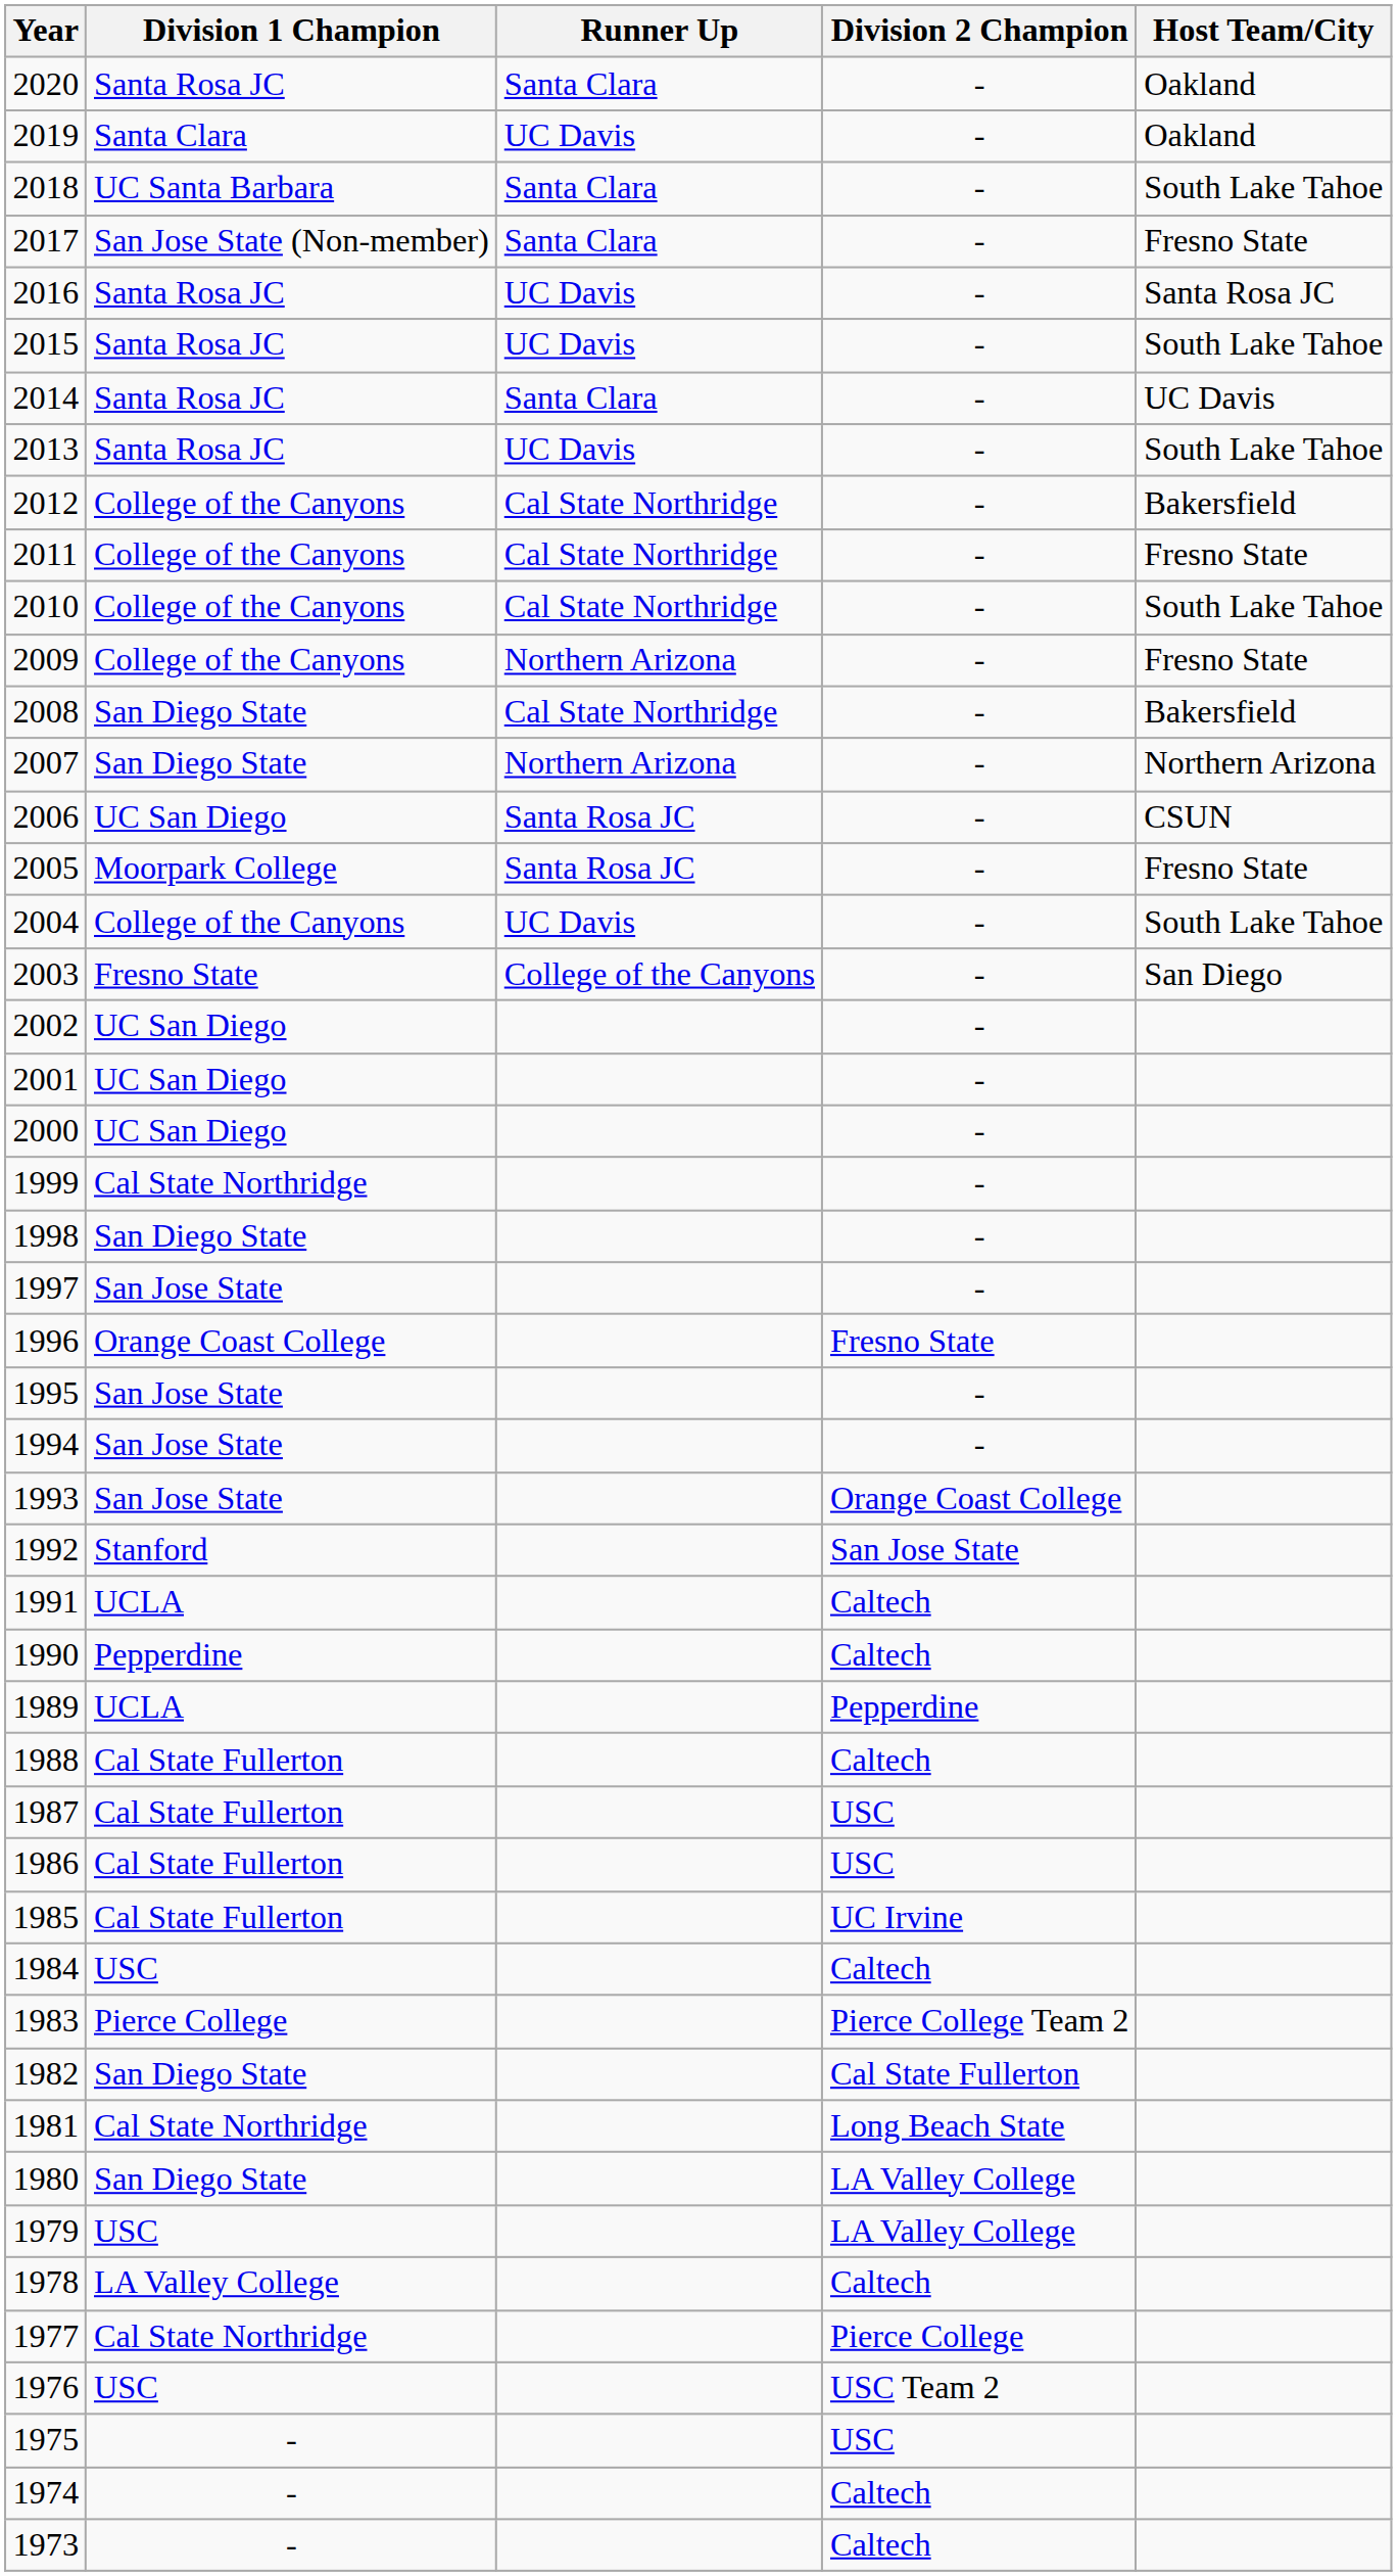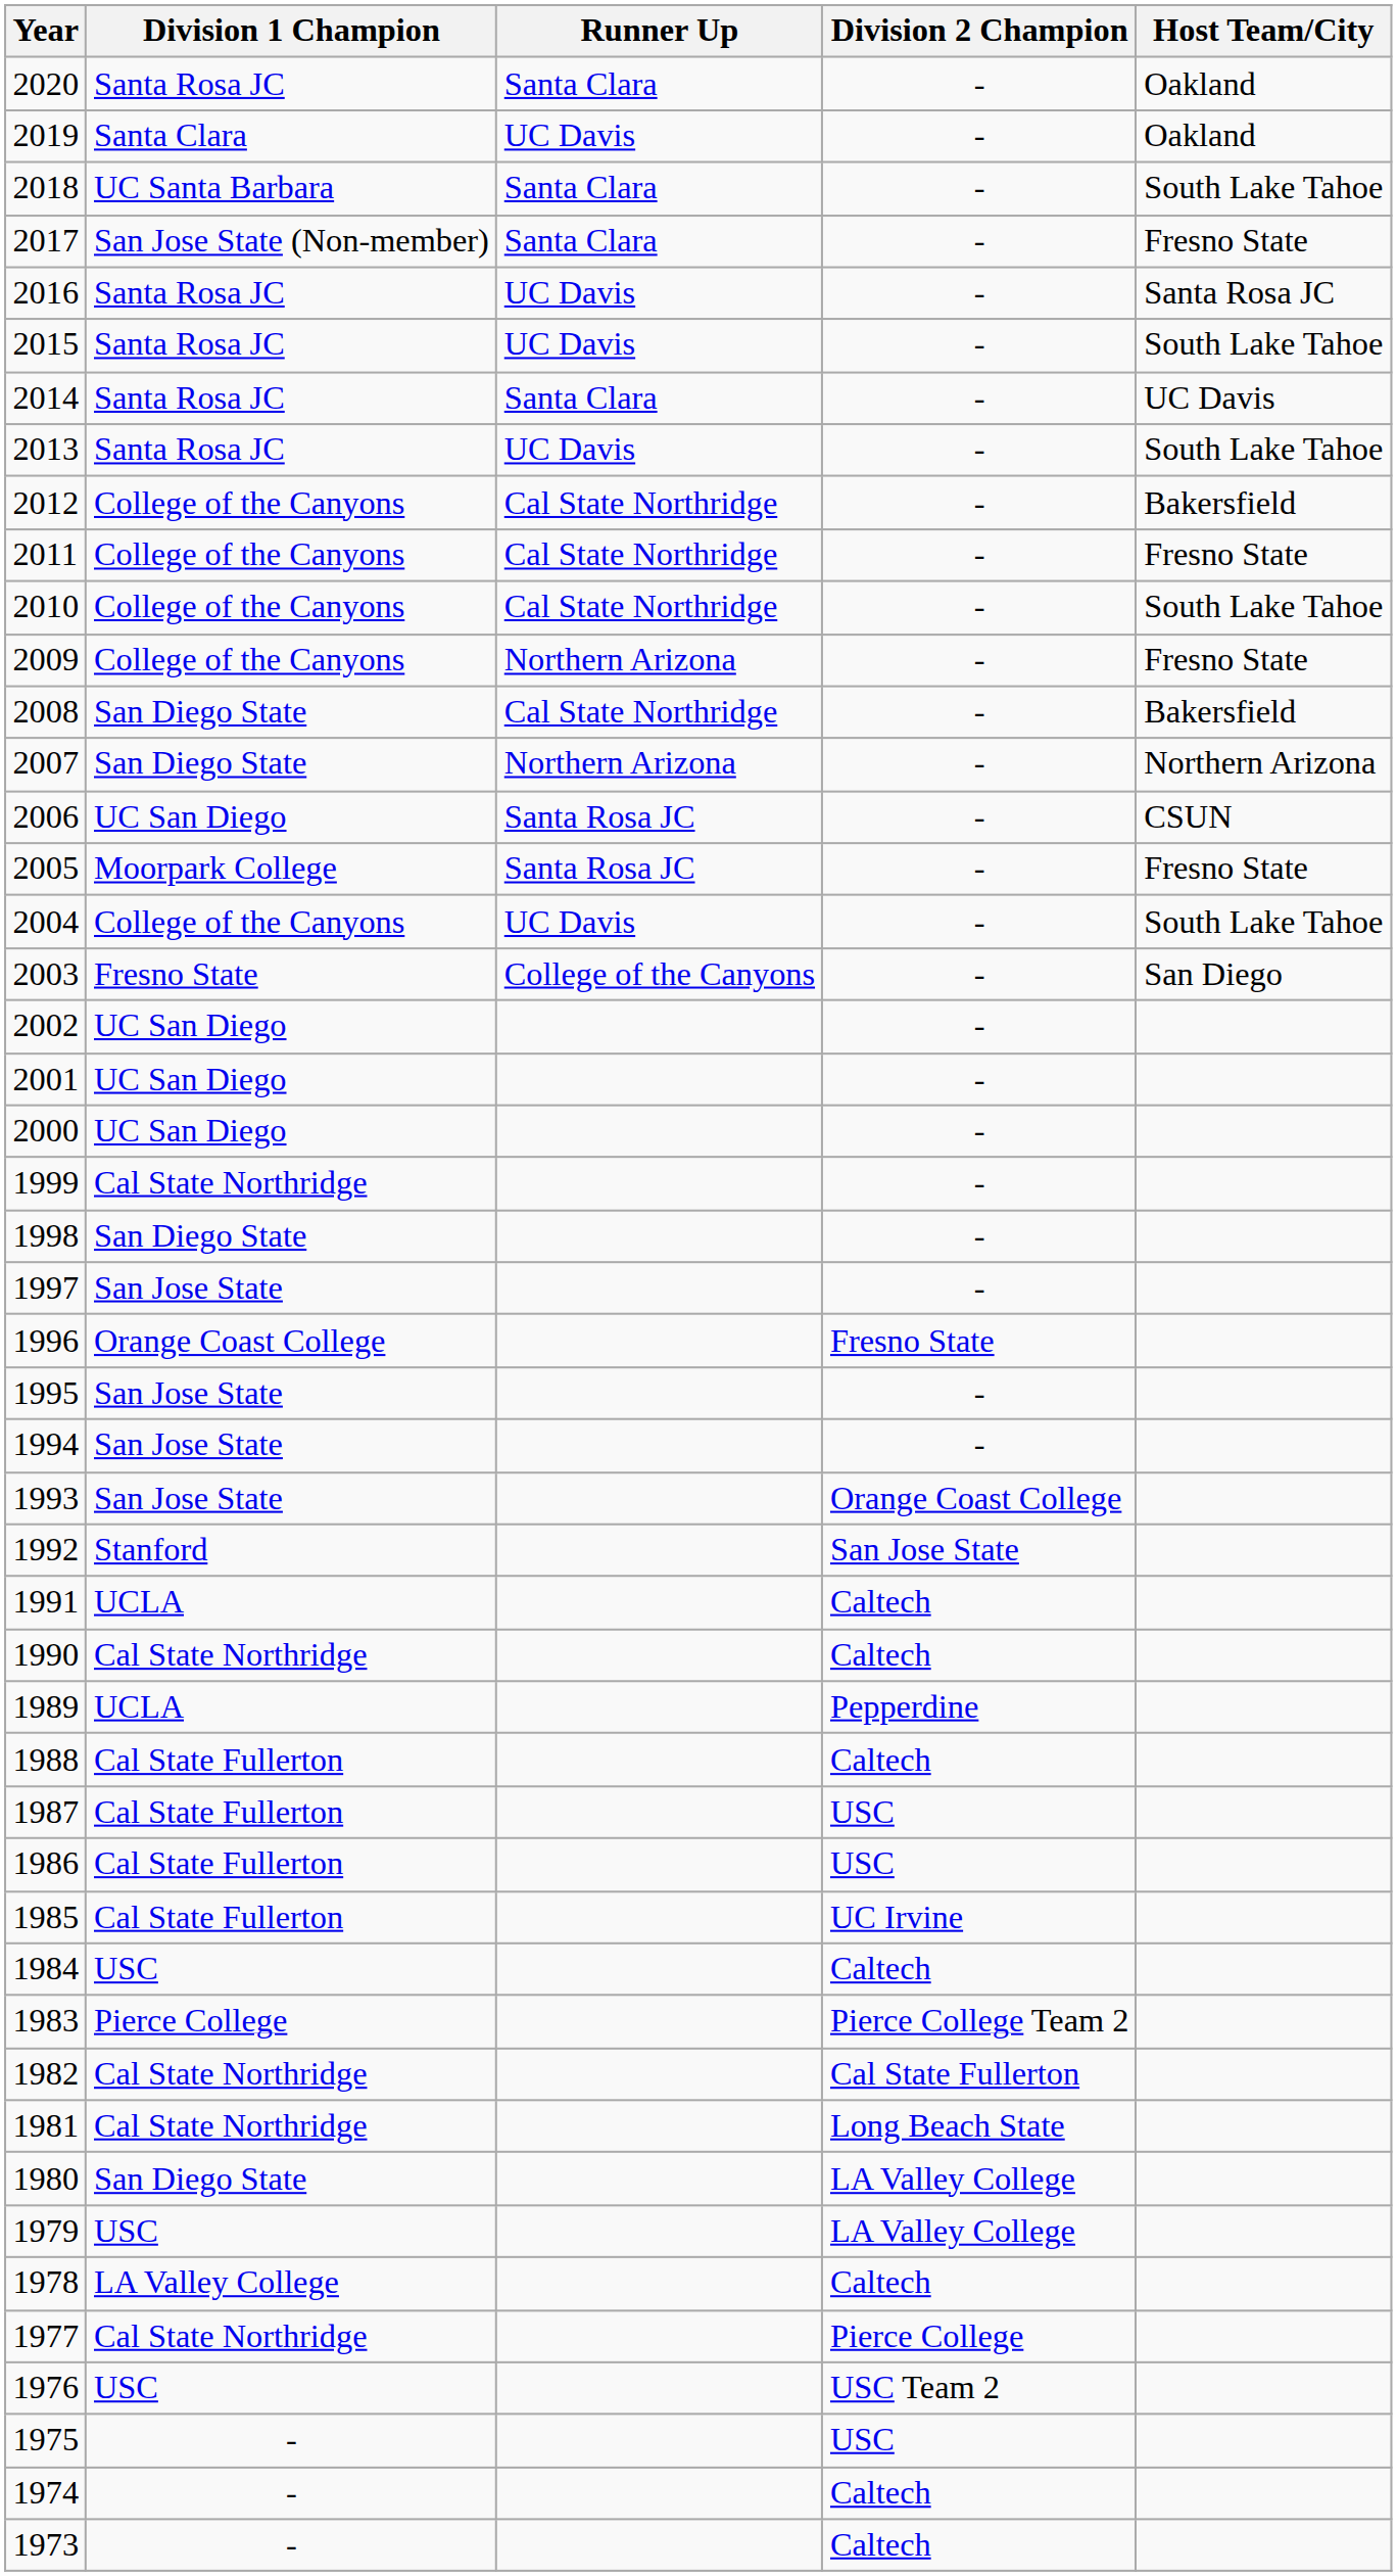 <table class="wikitable sortabl">
 <tr>
 <th>Year</th>
 <th>Division 1 Champion</th>
 <th>Runner Up</th>
 <th>Division 2 Champion</th>
 <th>Host Team/City</th>
 </tr>
 <tr>
 <td>2020</td>
 <td><a href='#'>Santa Rosa JC</a></td>
 <td><a href='#'>Santa Clara</a></td>
 <td align="center">-</td>
 <td>Oakland</td>
 </tr>
 <tr>
 <td>2019</td>
 <td><a href='#'>Santa Clara</a></td>
 <td><a href='#'>UC Davis</a></td>
 <td align="center">-</td>
 <td>Oakland</td>
 </tr>
 <tr>
 <td>2018</td>
 <td><a href='#'>UC Santa Barbara</a></td>
 <td><a href='#'>Santa Clara</a></td>
 <td align="center">-</td>
 <td>South Lake Tahoe</td>
 </tr>
 <tr>
 <td>2017</td>
 <td><a href='#'>San Jose State</a> (Non-member)</td>
 <td><a href='#'>Santa Clara</a></td>
 <td align="center">-</td>
 <td>Fresno State</td>
 </tr>
 <tr>
 <td>2016</td>
 <td><a href='#'>Santa Rosa JC</a></td>
 <td><a href='#'>UC Davis</a></td>
 <td align="center">-</td>
 <td>Santa Rosa JC</td>
 </tr>
 <tr>
 <td>2015</td>
 <td><a href='#'>Santa Rosa JC</a></td>
 <td><a href='#'>UC Davis</a></td>
 <td align="center">-</td>
 <td>South Lake Tahoe</td>
 </tr>
 <tr>
 <td>2014</td>
 <td><a href='#'>Santa Rosa JC</a></td>
 <td><a href='#'>Santa Clara</a></td>
 <td align="center">-</td>
 <td>UC Davis</td>
 </tr>
 <tr>
 <td>2013</td>
 <td><a href='#'>Santa Rosa JC</a></td>
 <td><a href='#'>UC Davis</a></td>
 <td align="center">-</td>
 <td>South Lake Tahoe</td>
 </tr>
 <tr>
 <td>2012</td>
 <td><a href='#'>College of the Canyons</a></td>
 <td><a href='#'>Cal State Northridge</a></td>
 <td align="center">-</td>
 <td>Bakersfield</td>
 </tr>
 <tr>
 <td>2011</td>
 <td><a href='#'>College of the Canyons</a></td>
 <td><a href='#'>Cal State Northridge</a></td>
 <td align="center">-</td>
 <td>Fresno State</td>
 </tr>
 <tr>
 <td>2010</td>
 <td><a href='#'>College of the Canyons</a></td>
 <td><a href='#'>Cal State Northridge</a></td>
 <td align="center">-</td>
 <td>South Lake Tahoe</td>
 </tr>
 <tr>
 <td>2009</td>
 <td><a href='#'>College of the Canyons</a></td>
 <td><a href='#'>Northern Arizona</a></td>
 <td align="center">-</td>
 <td>Fresno State</td>
 </tr>
 <tr>
 <td>2008</td>
 <td><a href='#'>San Diego State</a></td>
 <td><a href='#'>Cal State Northridge</a></td>
 <td align="center">-</td>
 <td>Bakersfield</td>
 </tr>
 <tr>
 <td>2007</td>
 <td><a href='#'>San Diego State</a></td>
 <td><a href='#'>Northern Arizona</a></td>
 <td align="center">-</td>
 <td>Northern Arizona</td>
 </tr>
 <tr>
 <td>2006</td>
 <td><a href='#'>UC San Diego</a></td>
 <td><a href='#'>Santa Rosa JC</a></td>
 <td align="center">-</td>
 <td>CSUN</td>
 </tr>
 <tr>
 <td>2005</td>
 <td><a href='#'>Moorpark College</a></td>
 <td><a href='#'>Santa Rosa JC</a></td>
 <td align="center">-</td>
 <td>Fresno State</td>
 </tr>
 <tr>
 <td>2004</td>
 <td><a href='#'>College of the Canyons</a></td>
 <td><a href='#'>UC Davis</a></td>
 <td align="center">-</td>
 <td>South Lake Tahoe</td>
 </tr>
 <tr>
 <td>2003</td>
 <td><a href='#'>Fresno State</a></td>
 <td><a href='#'>College of the Canyons</a></td>
 <td align="center">-</td>
 <td>San Diego</td>
 </tr>
 <tr>
 <td>2002</td>
 <td><a href='#'>UC San Diego</a></td>
 <td></td>
 <td align="center">-</td>
 <td></td>
 </tr>
 <tr>
 <td>2001</td>
 <td><a href='#'>UC San Diego</a></td>
 <td></td>
 <td align="center">-</td>
 <td></td>
 </tr>
 <tr>
 <td>2000</td>
 <td><a href='#'>UC San Diego</a></td>
 <td></td>
 <td align="center">-</td>
 <td></td>
 </tr>
 <tr>
 <td>1999</td>
 <td><a href='#'>Cal State Northridge</a></td>
 <td></td>
 <td align="center">-</td>
 <td></td>
 </tr>
 <tr>
 <td>1998</td>
 <td><a href='#'>San Diego State</a></td>
 <td></td>
 <td align="center">-</td>
 <td></td>
 </tr>
 <tr>
 <td>1997</td>
 <td><a href='#'>San Jose State</a></td>
 <td></td>
 <td align="center">-</td>
 <td></td>
 </tr>
 <tr>
 <td>1996</td>
 <td><a href='#'>Orange Coast College</a></td>
 <td></td>
 <td><a href='#'>Fresno State</a></td>
 <td></td>
 </tr>
 <tr>
 <td>1995</td>
 <td><a href='#'>San Jose State</a></td>
 <td></td>
 <td align="center">-</td>
 <td></td>
 </tr>
 <tr>
 <td>1994</td>
 <td><a href='#'>San Jose State</a></td>
 <td></td>
 <td align="center">-</td>
 <td></td>
 </tr>
 <tr>
 <td>1993</td>
 <td><a href='#'>San Jose State</a></td>
 <td></td>
 <td><a href='#'>Orange Coast College</a></td>
 <td></td>
 </tr>
 <tr>
 <td>1992</td>
 <td><a href='#'>Stanford</a></td>
 <td></td>
 <td><a href='#'>San Jose State</a></td>
 <td></td>
 </tr>
 <tr>
 <td>1991</td>
 <td><a href='#'>UCLA</a></td>
 <td></td>
 <td><a href='#'>Caltech</a></td>
 <td></td>
 </tr>
 <tr>
 <td>1990</td>
-<td><a href='#'>Pepperdine</a></td>
+<td><a href='#'>Cal State Northridge</a></td>
 <td></td>
 <td><a href='#'>Caltech</a></td>
 <td></td>
 </tr>
 <tr>
 <td>1989</td>
 <td><a href='#'>UCLA</a></td>
 <td></td>
 <td><a href='#'>Pepperdine</a></td>
 <td></td>
 </tr>
 <tr>
 <td>1988</td>
 <td><a href='#'>Cal State Fullerton</a></td>
 <td></td>
 <td><a href='#'>Caltech</a></td>
 <td></td>
 </tr>
 <tr>
 <td>1987</td>
 <td><a href='#'>Cal State Fullerton</a></td>
 <td></td>
 <td><a href='#'>USC</a></td>
 <td></td>
 </tr>
 <tr>
 <td>1986</td>
 <td><a href='#'>Cal State Fullerton</a></td>
 <td></td>
 <td><a href='#'>USC</a></td>
 <td></td>
 </tr>
 <tr>
 <td>1985</td>
 <td><a href='#'>Cal State Fullerton</a></td>
 <td></td>
 <td><a href='#'>UC Irvine</a></td>
 <td></td>
 </tr>
 <tr>
 <td>1984</td>
 <td><a href='#'>USC</a></td>
 <td></td>
 <td><a href='#'>Caltech</a></td>
 <td></td>
 </tr>
 <tr>
 <td>1983</td>
 <td><a href='#'>Pierce College</a></td>
 <td></td>
 <td><a href='#'>Pierce College</a> Team 2</td>
 <td></td>
 </tr>
 <tr>
 <td>1982</td>
-<td><a href='#'>San Diego State</a></td>
+<td><a href='#'>Cal State Northridge</a></td>
 <td></td>
 <td><a href='#'>Cal State Fullerton</a></td>
 <td></td>
 </tr>
 <tr>
 <td>1981</td>
 <td><a href='#'>Cal State Northridge</a></td>
 <td></td>
 <td><a href='#'>Long Beach State</a></td>
 <td></td>
 </tr>
 <tr>
 <td>1980</td>
 <td><a href='#'>San Diego State</a></td>
 <td></td>
 <td><a href='#'>LA Valley College</a></td>
 <td></td>
 </tr>
 <tr>
 <td>1979</td>
 <td><a href='#'>USC</a></td>
 <td></td>
 <td><a href='#'>LA Valley College</a></td>
 <td></td>
 </tr>
 <tr>
 <td>1978</td>
 <td><a href='#'>LA Valley College</a></td>
 <td></td>
 <td><a href='#'>Caltech</a></td>
 <td></td>
 </tr>
 <tr>
 <td>1977</td>
 <td><a href='#'>Cal State Northridge</a></td>
 <td></td>
 <td><a href='#'>Pierce College</a></td>
 <td></td>
 </tr>
 <tr>
 <td>1976</td>
 <td><a href='#'>USC</a></td>
 <td></td>
 <td><a href='#'>USC</a> Team 2</td>
 <td></td>
 </tr>
 <tr>
 <td>1975</td>
 <td align="center">-</td>
 <td></td>
 <td><a href='#'>USC</a></td>
 <td></td>
 </tr>
 <tr>
 <td>1974</td>
 <td align="center">-</td>
 <td></td>
 <td><a href='#'>Caltech</a></td>
 <td></td>
 </tr>
 <tr>
 <td>1973</td>
 <td align="center">-</td>
 <td></td>
 <td><a href='#'>Caltech</a></td>
 <td></td>
 </tr>
 </table>
